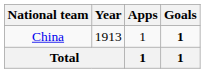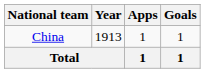 <table class="wikitable" style="text-align:center">
 <tr>
 <th>National team</th>
 <th>Year</th>
 <th>Apps</th>
 <th>Goals</th>
 </tr>
 <tr>
 <td><a href='#'>China</a></td>
 <td>1913</td>
 <td>1</td>
-<td><strong>1</strong></td>
+<td>1</td>
 </tr>
 <tr>
 <th colspan=2>Total</th>
 <th>1</th>
 <th>1</th>
 </tr>
 </table>
